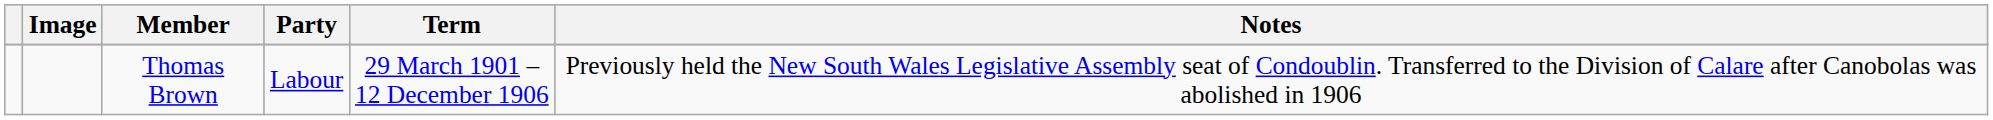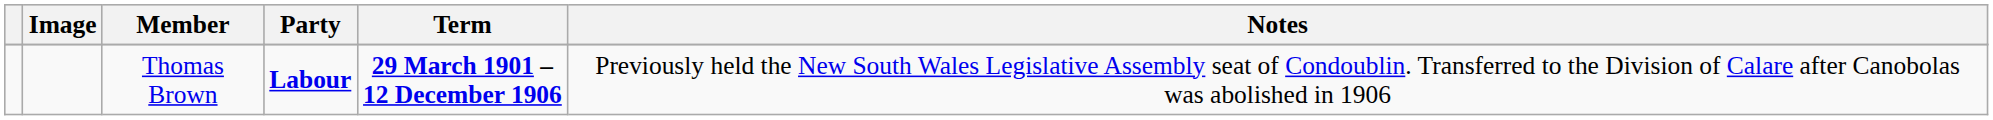 <table class=wikitable style="text-align:center">
 <tr>
 <th></th>
 <th>Image</th>
 <th>Member</th>
 <th>Party</th>
 <th>Term</th>
 <th>Notes</th>
 </tr>
 <tr>
 </tr>
 <tr>
 <td> </td>
 <td></td>
 <td><a href='#'>Thomas Brown</a><br></td>
-<td><a href='#'>Labour</a></td>
-<td nowrap><a href='#'>29 March 1901</a> –<br><a href='#'>12 December 1906</a></td>
+<td><strong><a href='#'>Labour</a></strong></td>
+<td nowrap><strong><a href='#'>29 March 1901</a> –<br><a href='#'>12 December 1906</a></strong></td>
 <td>Previously held the <a href='#'>New South Wales Legislative Assembly</a> seat of <a href='#'>Condoublin</a>. Transferred to the Division of <a href='#'>Calare</a> after Canobolas was abolished in 1906</td>
 </tr>
 </table>
